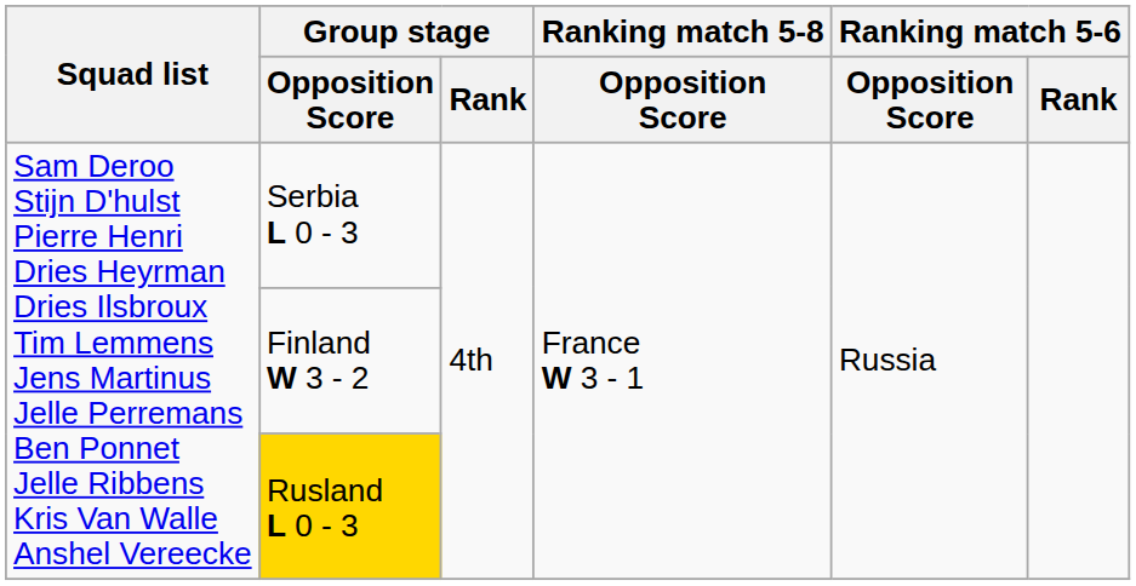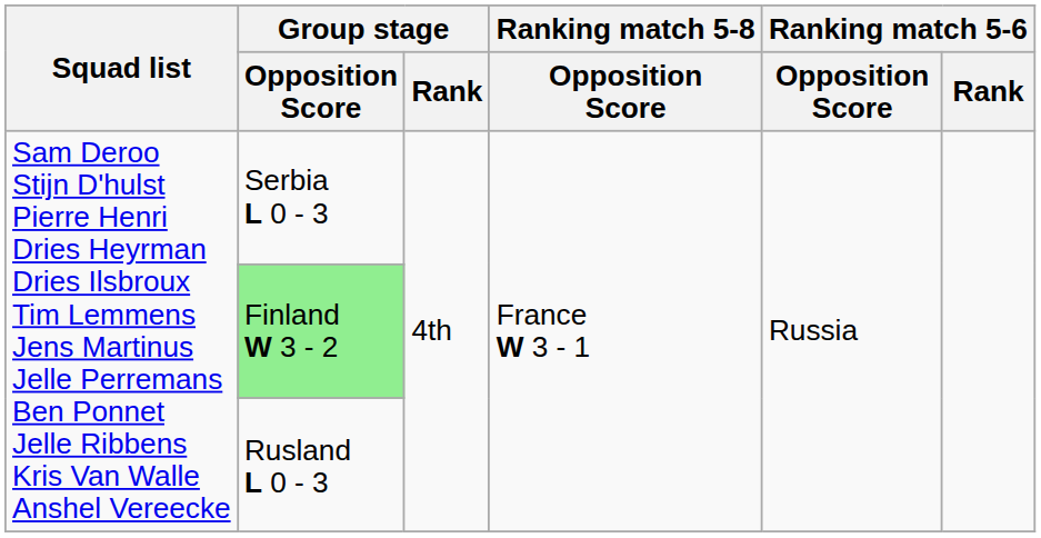 <table class=wikitable style="font-size:90%">
 <tr>
 <th rowspan="2">Squad list</th>
 <th colspan="2">Group stage</th>
 <th>Ranking match 5-8</th>
 <th colspan="2">Ranking match 5-6</th>
 </tr>
 <tr>
 <th>Opposition<br>Score</th>
 <th>Rank</th>
 <th>Opposition<br>Score</th>
 <th>Opposition<br>Score</th>
 <th>Rank</th>
 </tr>
 <tr>
 <td rowspan="3"><a href='#'>Sam Deroo</a><br><a href='#'>Stijn D'hulst</a><br><a href='#'>Pierre Henri</a><br><a href='#'>Dries Heyrman</a><br><a href='#'>Dries Ilsbroux</a><br><a href='#'>Tim Lemmens</a><br><a href='#'>Jens Martinus</a><br><a href='#'>Jelle Perremans</a><br><a href='#'>Ben Ponnet</a><br><a href='#'>Jelle Ribbens</a><br><a href='#'>Kris Van Walle</a><br><a href='#'>Anshel Vereecke</a></td>
 <td> Serbia<br> <strong>L</strong> 0 - 3</td>
 <td rowspan="3">4th</td>
 <td rowspan="3"> France<br> <strong>W</strong> 3 - 1</td>
 <td rowspan="3"> Russia</td>
 <td rowspan="3"></td>
 </tr>
 <tr>
-<td> Finland<br> <strong>W</strong> 3 - 2</td>
+<td style="background: lightgreen;"> Finland<br> <strong>W</strong> 3 - 2</td>
 </tr>
 <tr>
-<td style="background: gold;"> Rusland<br> <strong>L</strong> 0 - 3</td>
+<td> Rusland<br> <strong>L</strong> 0 - 3</td>
 </tr>
 </table>
